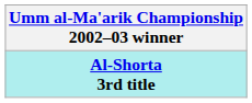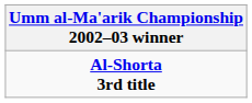 <table class="wikitable" style="text-align: center; margin: 0 auto;">
 <tr>
 <th><a href='#'>Umm al-Ma'arik Championship</a><br>2002–03 winner</th>
 </tr>
 <tr>
-<td style="background: paleturquoise;"><strong><a href='#'>Al-Shorta</a></strong><br><strong>3rd title</strong></td>
+<td><strong><a href='#'>Al-Shorta</a></strong><br><strong>3rd title</strong></td>
 </tr>
 </table>
